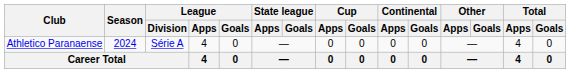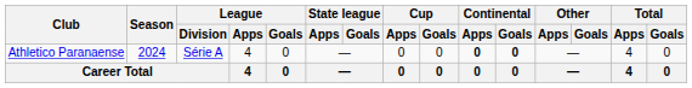 <table class="wikitable" style="text-align: center">
 <tr>
 <th rowspan="2">Club</th>
 <th rowspan="2">Season</th>
 <th colspan="3">League</th>
 <th colspan="2">State league</th>
 <th colspan="2">Cup</th>
 <th colspan="2">Continental</th>
 <th colspan="2">Other</th>
 <th colspan="2">Total</th>
 </tr>
 <tr>
 <th>Division</th>
 <th>Apps</th>
 <th>Goals</th>
 <th>Apps</th>
 <th>Goals</th>
 <th>Apps</th>
 <th>Goals</th>
 <th>Apps</th>
 <th>Goals</th>
 <th>Apps</th>
 <th>Goals</th>
 <th>Apps</th>
 <th>Goals</th>
 </tr>
 <tr>
 <td><a href='#'>Athletico Paranaense</a></td>
 <td><a href='#'>2024</a></td>
 <td><a href='#'>Série A</a></td>
 <td>4</td>
 <td>0</td>
 <td colspan="2">—</td>
 <td>0</td>
 <td>0</td>
-<td>0</td>
-<td>0</td>
+<td><strong>0</strong></td>
+<td><strong>0</strong></td>
 <td colspan="2">—</td>
 <td>4</td>
 <td>0</td>
 </tr>
 <tr>
 <th colspan="3">Career Total</th>
 <th>4</th>
 <th>0</th>
 <th colspan="2">—</th>
 <th>0</th>
 <th>0</th>
 <th>0</th>
 <th>0</th>
 <th colspan="2">—</th>
 <th>4</th>
 <th>0</th>
 </tr>
 </table>
